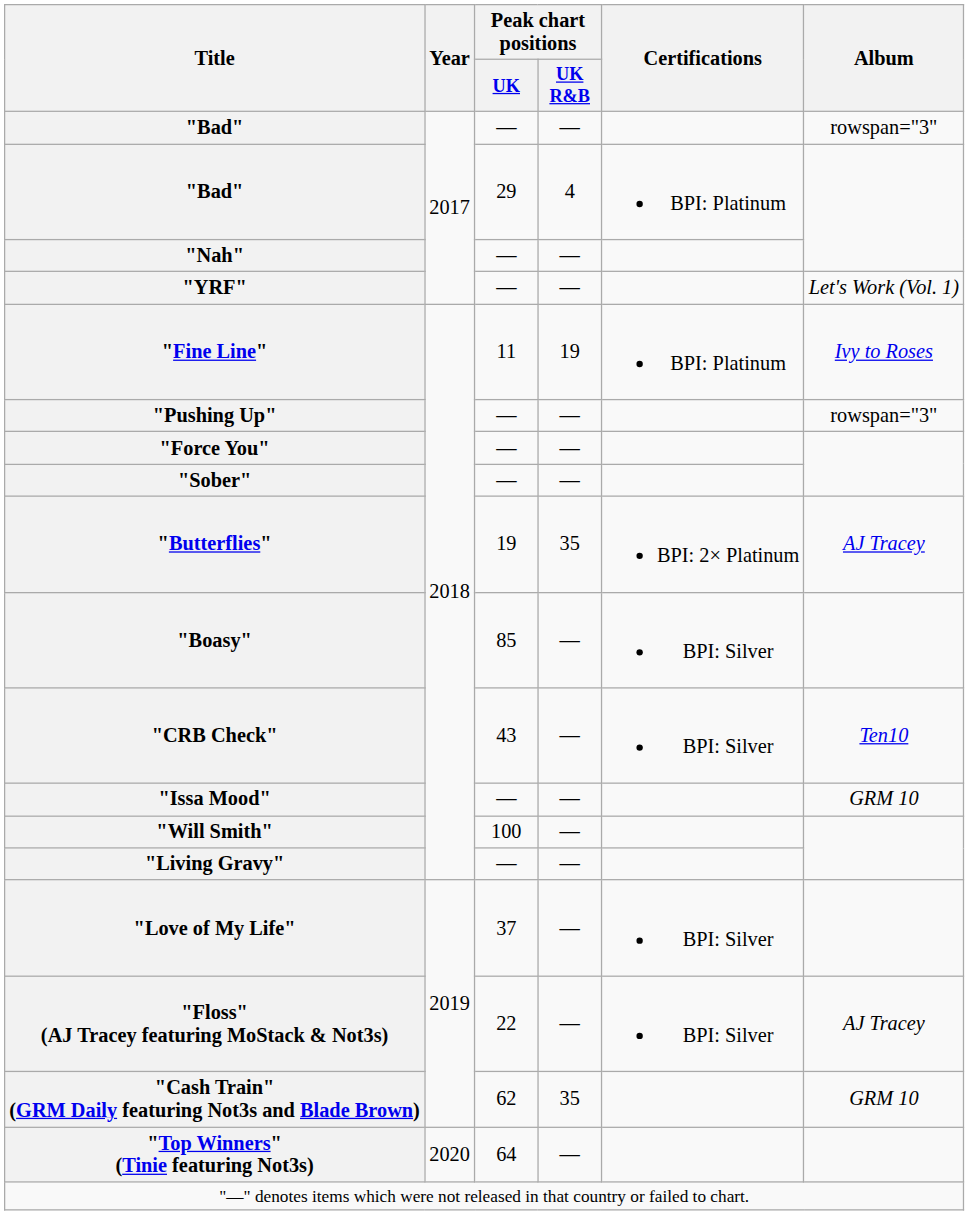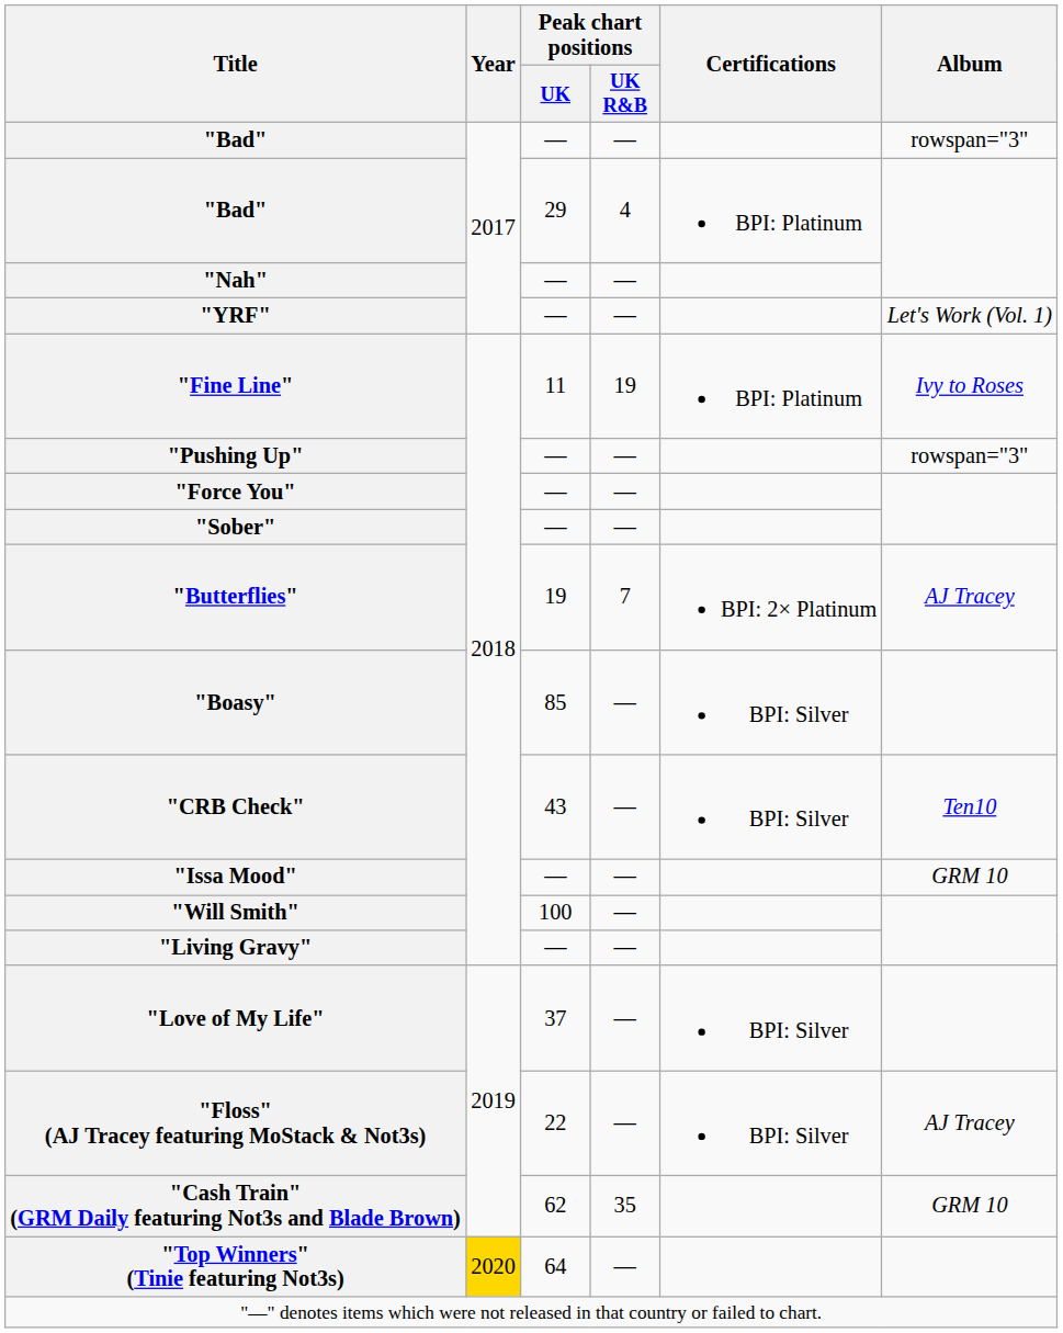 <table class="wikitable plainrowheaders" style="text-align:center;">
 <tr>
 <th scope="col" rowspan="2">Title</th>
 <th scope="col" rowspan="2">Year</th>
 <th scope="col" colspan="2">Peak chart positions</th>
 <th scope="col" rowspan="2">Certifications</th>
 <th scope="col" rowspan="2">Album</th>
 </tr>
 <tr>
 <th scope="col" style="width:3em;font-size:90%;"><a href='#'>UK</a><br></th>
 <th scope="col" style="width:3em;font-size:90%;"><a href='#'>UK<br>R&B</a><br></th>
 </tr>
 <tr>
 <th scope="row">"Bad"<br></th>
 <td rowspan="4">2017</td>
 <td>—</td>
 <td>—</td>
 <td></td>
 <td>rowspan="3" </td>
 </tr>
 <tr>
 <th scope="row">"Bad"<br></th>
 <td>29</td>
 <td>4</td>
 <td><br><ul><li>BPI: Platinum</li></ul></td>
 </tr>
 <tr>
 <th scope="row">"Nah"<br></th>
 <td>—</td>
 <td>—</td>
 <td></td>
 </tr>
 <tr>
 <th scope="row">"YRF"<br></th>
 <td>—</td>
 <td>—</td>
 <td></td>
 <td><em>Let's Work (Vol. 1)</em></td>
 </tr>
 <tr>
 <th scope="row">"<a href='#'>Fine Line</a>"<br></th>
 <td rowspan="10">2018</td>
 <td>11</td>
 <td>19<br></td>
 <td><br><ul><li>BPI: Platinum</li></ul></td>
 <td><em><a href='#'>Ivy to Roses</a></em></td>
 </tr>
 <tr>
 <th scope="row">"Pushing Up"<br></th>
 <td>—</td>
 <td>—</td>
 <td></td>
 <td>rowspan="3" </td>
 </tr>
 <tr>
 <th scope="row">"Force You"<br></th>
 <td>—</td>
 <td>—</td>
 <td></td>
 </tr>
 <tr>
 <th scope="row">"Sober"<br></th>
 <td>—</td>
 <td>—</td>
 <td></td>
 </tr>
 <tr>
 <th scope="row">"<a href='#'>Butterflies</a>"<br></th>
 <td>19</td>
-<td>35</td>
+<td>7</td>
 <td><br><ul><li>BPI: 2× Platinum</li></ul></td>
 <td><em><a href='#'>AJ Tracey</a></em></td>
 </tr>
 <tr>
 <th scope="row">"Boasy"<br></th>
 <td>85</td>
 <td>—</td>
 <td><br><ul><li>BPI: Silver</li></ul></td>
 <td></td>
 </tr>
 <tr>
 <th scope="row">"CRB Check"<br></th>
 <td>43</td>
 <td>—</td>
 <td><br><ul><li>BPI: Silver</li></ul></td>
 <td><em><a href='#'>Ten10</a></em></td>
 </tr>
 <tr>
 <th scope="row">"Issa Mood"<br></th>
 <td>—</td>
 <td>—</td>
 <td></td>
 <td><em>GRM 10</em></td>
 </tr>
 <tr>
 <th scope="row">"Will Smith"<br></th>
 <td>100</td>
 <td>—</td>
 <td></td>
 </tr>
 <tr>
 <th scope="row">"Living Gravy"<br></th>
 <td>—</td>
 <td>—</td>
 <td></td>
 </tr>
 <tr>
 <th scope="row">"Love of My Life"<br></th>
 <td rowspan="3">2019</td>
 <td>37</td>
 <td>—</td>
 <td><br><ul><li>BPI: Silver</li></ul></td>
 <td></td>
 </tr>
 <tr>
 <th scope="row">"Floss"<br><span>(AJ Tracey featuring MoStack & Not3s)</span></th>
 <td>22</td>
 <td>—</td>
 <td><br><ul><li>BPI: Silver</li></ul></td>
 <td><em>AJ Tracey</em></td>
 </tr>
 <tr>
 <th scope="row">"Cash Train"<br><span>(<a href='#'>GRM Daily</a> featuring Not3s and <a href='#'>Blade Brown</a>)</span></th>
 <td>62</td>
 <td>35</td>
 <td></td>
 <td><em>GRM 10</em></td>
 </tr>
 <tr>
 <th scope="row">"<a href='#'>Top Winners</a>"<br><span>(<a href='#'>Tinie</a> featuring Not3s)</span></th>
-<td>2020</td>
+<td style="background: gold;">2020</td>
 <td>64</td>
 <td>—</td>
 <td></td>
 <td></td>
 </tr>
 <tr>
 <td colspan="10" style="font-size:85%;">"—" denotes items which were not released in that country or failed to chart.</td>
 </tr>
 </table>
